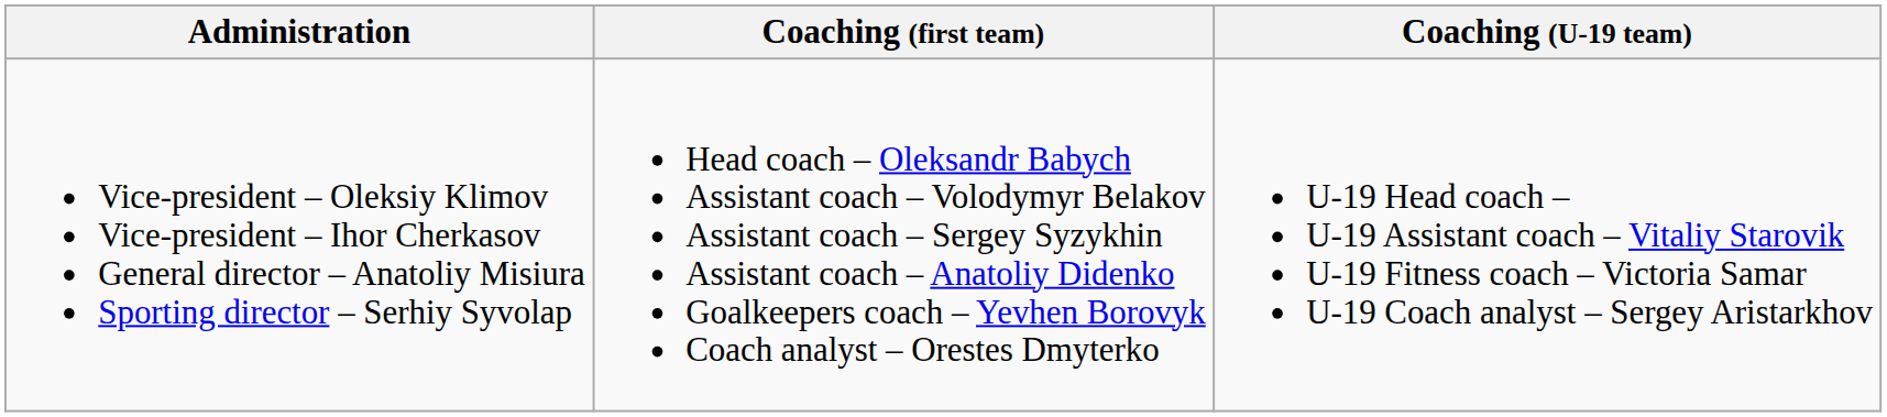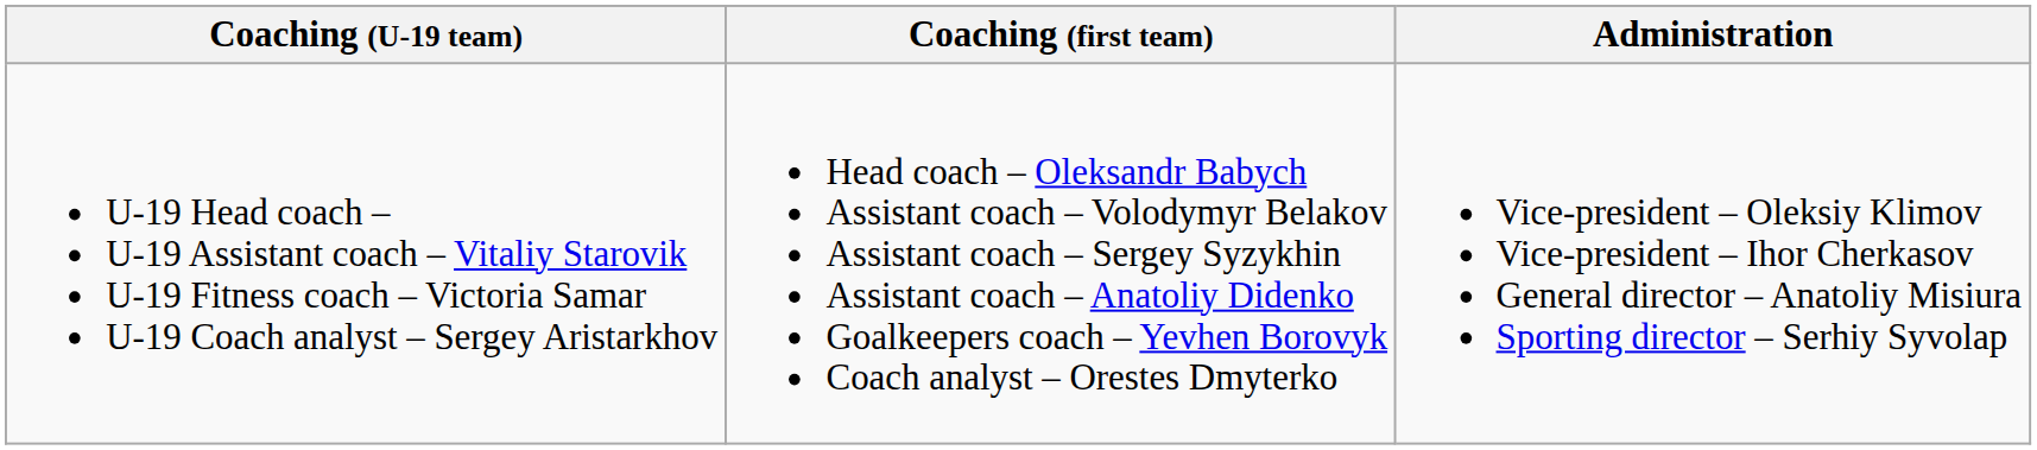 <table class="wikitable">
 <tr>
+<th>Coaching <small>(U-19 team)</small></th>
+<th>Coaching <small>(first team)</small></th>
 <th>Administration</th>
-<th>Coaching <small>(first team)</small></th>
-<th>Coaching <small>(U-19 team)</small></th>
 </tr>
 <tr>
+<td><br><ul><li>U-19 Head coach –  </li><li>U-19 Assistant coach –  <a href='#'>Vitaliy Starovik</a></li><li>U-19 Fitness coach –  Victoria Samar</li><li>U-19 Coach analyst –  Sergey Aristarkhov</li></ul></td>
+<td><br><ul><li>Head coach –  <a href='#'>Oleksandr Babych</a></li><li>Assistant coach –  Volodymyr Belakov</li><li>Assistant coach –  Sergey Syzykhin</li><li>Assistant coach –  <a href='#'>Anatoliy Didenko</a></li><li>Goalkeepers coach –  <a href='#'>Yevhen Borovyk</a></li><li>Coach analyst –  Orestes Dmyterko</li></ul></td>
 <td><br><ul><li>Vice-president –  Oleksiy Klimov</li><li>Vice-president –  Ihor Cherkasov</li><li>General director –  Anatoliy Misiura</li><li><a href='#'>Sporting director</a> –  Serhiy Syvolap</li></ul></td>
-<td><br><ul><li>Head coach –  <a href='#'>Oleksandr Babych</a></li><li>Assistant coach –  Volodymyr Belakov</li><li>Assistant coach –  Sergey Syzykhin</li><li>Assistant coach –  <a href='#'>Anatoliy Didenko</a></li><li>Goalkeepers coach –  <a href='#'>Yevhen Borovyk</a></li><li>Coach analyst –  Orestes Dmyterko</li></ul></td>
-<td><br><ul><li>U-19 Head coach –  </li><li>U-19 Assistant coach –  <a href='#'>Vitaliy Starovik</a></li><li>U-19 Fitness coach –  Victoria Samar</li><li>U-19 Coach analyst –  Sergey Aristarkhov</li></ul></td>
 </tr>
 </table>
